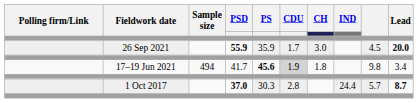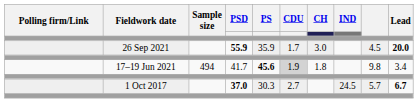 <table class="wikitable sortable mw-datatable" style="text-align:center;font-size:90%;line-height:16px;">
 <tr style="height:42px;">
 <th style="width:145px;" rowspan="2">Polling firm/Link</th>
 <th style="width:125px;" rowspan="2">Fieldwork date</th>
 <th class="unsortable" style="width:50px;" rowspan="2">Sample size</th>
 <th class="unsortable" style="width:35px;"><a href='#'>PSD</a></th>
 <th class="unsortable" style="width:35px;"><a href='#'>PS</a></th>
 <th class="unsortable" style="width:35px;"><a href='#'>CDU</a></th>
 <th class="unsortable" style="width:35px;"><a href='#'>CH</a></th>
 <th class="unsortable" style="width:35px;"><a href='#'>IND</a></th>
 <th class="unsortable" style="width:35px;" rowspan="2"></th>
 <th class="unsortable" style="width:30px;" rowspan="2">Lead</th>
 </tr>
 <tr>
 <th class="unsortable" style="color:inherit;background:"></th>
 <th class="unsortable" style="color:inherit;background:"></th>
 <th class="unsortable" style="color:inherit;background:"></th>
 <th class="unsortable" style="color:inherit;background:#202056;"></th>
 <th class="unsortable" style="color:inherit;background:#777777;"></th>
 </tr>
 <tr>
 <td colspan="11" style="background:#A0A0A0"></td>
 </tr>
 <tr>
 <td style="background:#EFEFEF;"><strong></strong></td>
 <td style="background:#EFEFEF;" data-sort-value="2019-10-06">26 Sep 2021</td>
 <td></td>
 <td><strong>55.9</strong><br></td>
 <td style="background:#EFEFEF;">35.9<br></td>
 <td style="background:#EFEFEF;">1.7<br></td>
 <td style="background:#EFEFEF;">3.0<br></td>
 <td></td>
 <td style="background:#EFEFEF;">4.5</td>
 <td style="background:"><strong>20.0</strong></td>
 </tr>
 <tr>
 <td colspan="11" style="background:#A0A0A0"></td>
 </tr>
 <tr>
 <td align="center"></td>
 <td align="center">17–19 Jun 2021</td>
 <td align="center">494</td>
 <td align="center">41.7</td>
 <td align="center" ><strong>45.6</strong></td>
 <td align="center" style="background: lightgrey;">1.9</td>
 <td align="center">1.8</td>
 <td></td>
 <td align="center">9.8</td>
 <td style="background:">3.4</td>
 </tr>
 <tr>
 <td colspan="11" style="background:#A0A0A0"></td>
 </tr>
 <tr>
 <td style="background:#EFEFEF;"><strong></strong></td>
 <td style="background:#EFEFEF;" data-sort-value="2019-10-06">1 Oct 2017</td>
 <td></td>
 <td><strong>37.0</strong><br></td>
 <td style="background:#EFEFEF;">30.3<br></td>
-<td style="background:#EFEFEF;">2.8<br></td>
+<td style="background:#EFEFEF;">2.7<br></td>
 <td></td>
-<td style="background:#EFEFEF;">24.4<br></td>
+<td style="background:#EFEFEF;">24.5<br></td>
 <td style="background:#EFEFEF;">5.7</td>
-<td style="background:"><strong>8.7</strong></td>
+<td style="background:"><strong>6.7</strong></td>
 </tr>
 <tr>
 <td colspan="11" style="background:#A0A0A0"></td>
 </tr>
 </table>
